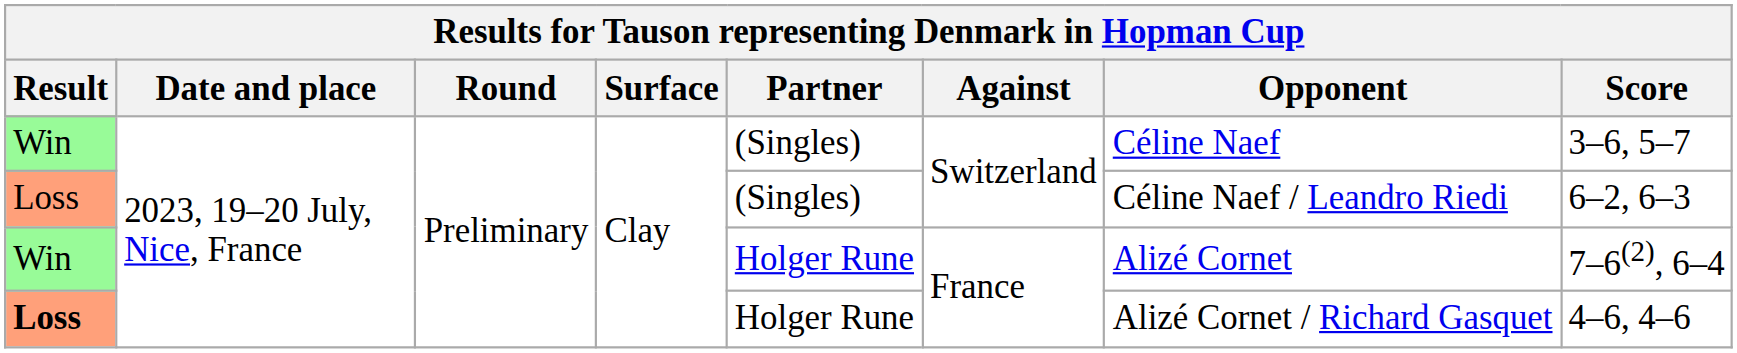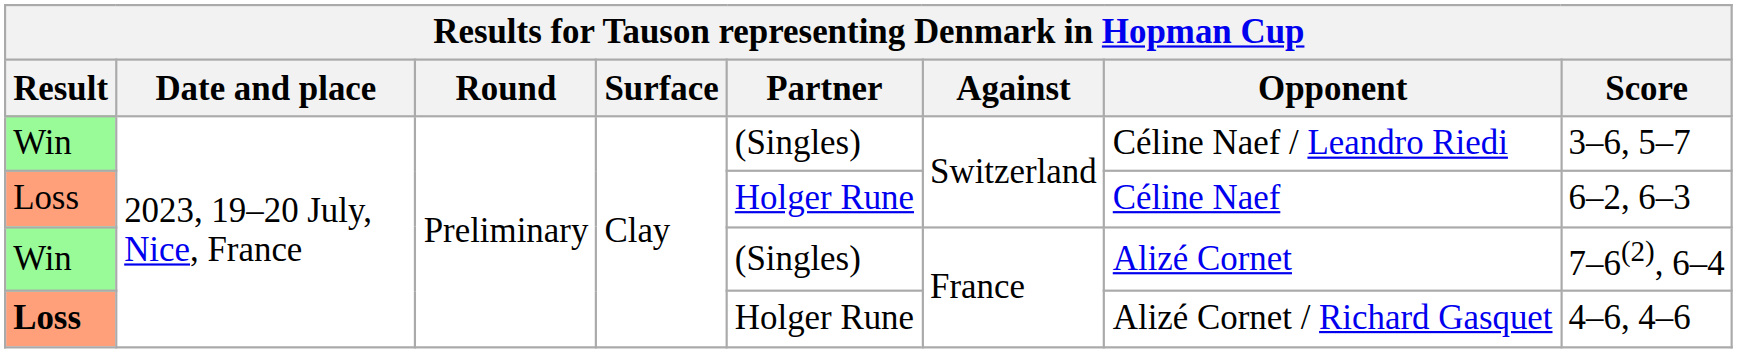 <table class=wikitable>
 <tr>
 <th colspan=8>Results for Tauson representing Denmark in <a href='#'>Hopman Cup</a></th>
 </tr>
 <tr>
 <th>Result</th>
 <th style="width:130px">Date and place</th>
 <th>Round</th>
 <th>Surface</th>
 <th>Partner</th>
 <th>Against</th>
 <th>Opponent</th>
 <th>Score</th>
 </tr>
 <tr bgcolor=#fff>
 <td bgcolor=#98fb98>Win</td>
 <td rowspan=4>2023, 19–20 July, <a href='#'>Nice</a>, France</td>
 <td rowspan=4>Preliminary</td>
 <td rowspan=4>Clay</td>
 <td>(Singles)</td>
 <td rowspan=2> Switzerland</td>
-<td><a href='#'>Céline Naef</a></td>
+<td>Céline Naef / <a href='#'>Leandro Riedi</a></td>
 <td>3–6, 5–7</td>
 </tr>
 <tr bgcolor=#fff>
 <td bgcolor=#ffa07a>Loss</td>
-<td>(Singles)</td>
-<td>Céline Naef / <a href='#'>Leandro Riedi</a></td>
+<td rowspan=1><a href='#'>Holger Rune</a></td>
+<td><a href='#'>Céline Naef</a></td>
 <td>6–2, 6–3</td>
 </tr>
 <tr bgcolor=#fff>
 <td bgcolor=#98fb98>Win</td>
-<td rowspan=1><a href='#'>Holger Rune</a></td>
+<td>(Singles)</td>
 <td rowspan=2> France</td>
 <td><a href='#'>Alizé Cornet</a></td>
 <td>7–6<sup>(2)</sup>, 6–4</td>
 </tr>
 <tr bgcolor=#fff>
 <td bgcolor=#ffa07a><strong>Loss</strong></td>
 <td>Holger Rune</td>
 <td>Alizé Cornet / <a href='#'>Richard Gasquet</a></td>
 <td>4–6, 4–6</td>
 </tr>
 </table>
